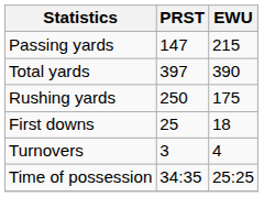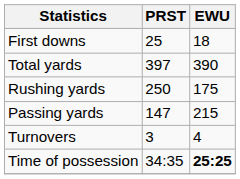 <table class="wikitable" style="float: left;">
 <tr>
 <th>Statistics</th>
 <th>PRST</th>
 <th>EWU</th>
 </tr>
 <tr>
-<td>Passing yards</td>
-<td>147</td>
-<td>215</td>
+<td>First downs</td>
+<td>25</td>
+<td>18</td>
 </tr>
 <tr>
 <td>Total yards</td>
 <td>397</td>
 <td>390</td>
 </tr>
 <tr>
 <td>Rushing yards</td>
 <td>250</td>
 <td>175</td>
 </tr>
 <tr>
-<td>First downs</td>
-<td>25</td>
-<td>18</td>
+<td>Passing yards</td>
+<td>147</td>
+<td>215</td>
 </tr>
 <tr>
 <td>Turnovers</td>
 <td>3</td>
 <td>4</td>
 </tr>
 <tr>
 <td>Time of possession</td>
 <td>34:35</td>
-<td>25:25</td>
+<td><strong>25:25</strong></td>
 </tr>
 <tr>
 </tr>
 </table>
